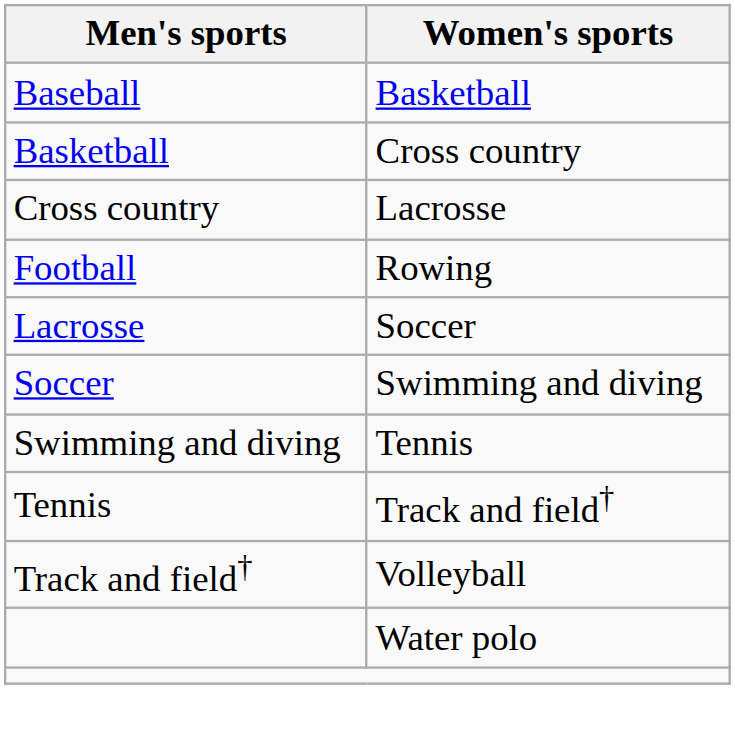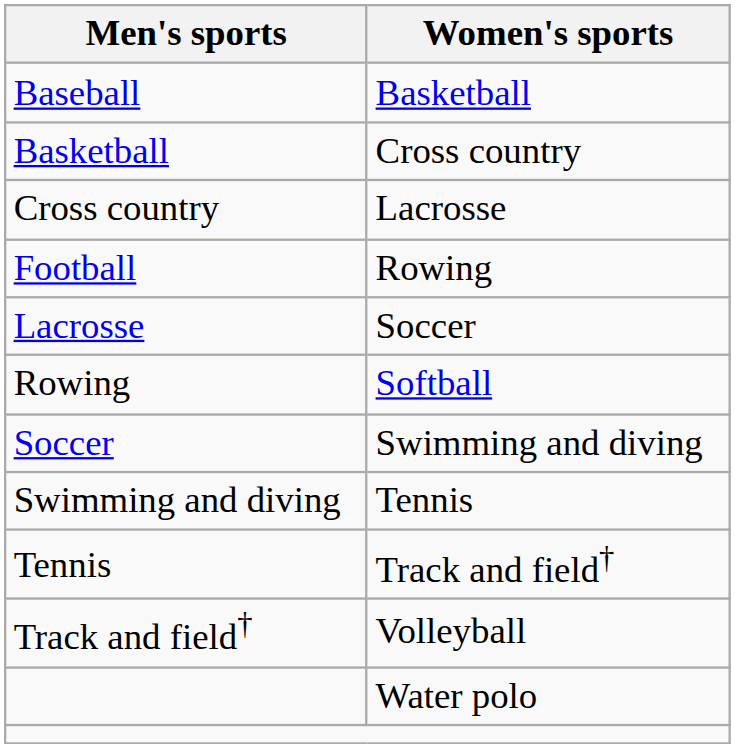 <table class="wikitable" style=" ">
 <tr>
 <th width=150px>Men's sports</th>
 <th width=150px>Women's sports</th>
 </tr>
 <tr>
 <td><a href='#'>Baseball</a></td>
 <td><a href='#'>Basketball</a></td>
 </tr>
 <tr>
 <td><a href='#'>Basketball</a></td>
 <td>Cross country</td>
 </tr>
 <tr>
 <td>Cross country</td>
 <td>Lacrosse</td>
 </tr>
 <tr>
 <td><a href='#'>Football</a></td>
 <td>Rowing</td>
 </tr>
 <tr>
 <td><a href='#'>Lacrosse</a></td>
 <td>Soccer</td>
 </tr>
 <tr>
+<td>Rowing</td>
+<td><a href='#'>Softball</a></td>
+</tr>
+<tr>
 <td><a href='#'>Soccer</a></td>
 <td>Swimming and diving</td>
 </tr>
 <tr>
 <td>Swimming and diving</td>
 <td>Tennis</td>
 </tr>
 <tr>
 <td>Tennis</td>
 <td>Track and field<sup>†</sup></td>
 </tr>
 <tr>
 <td>Track and field<sup>†</sup></td>
 <td>Volleyball</td>
 </tr>
 <tr>
 <td></td>
 <td>Water polo</td>
 </tr>
 <tr>
 <td colspan="2"></td>
 </tr>
 </table>
